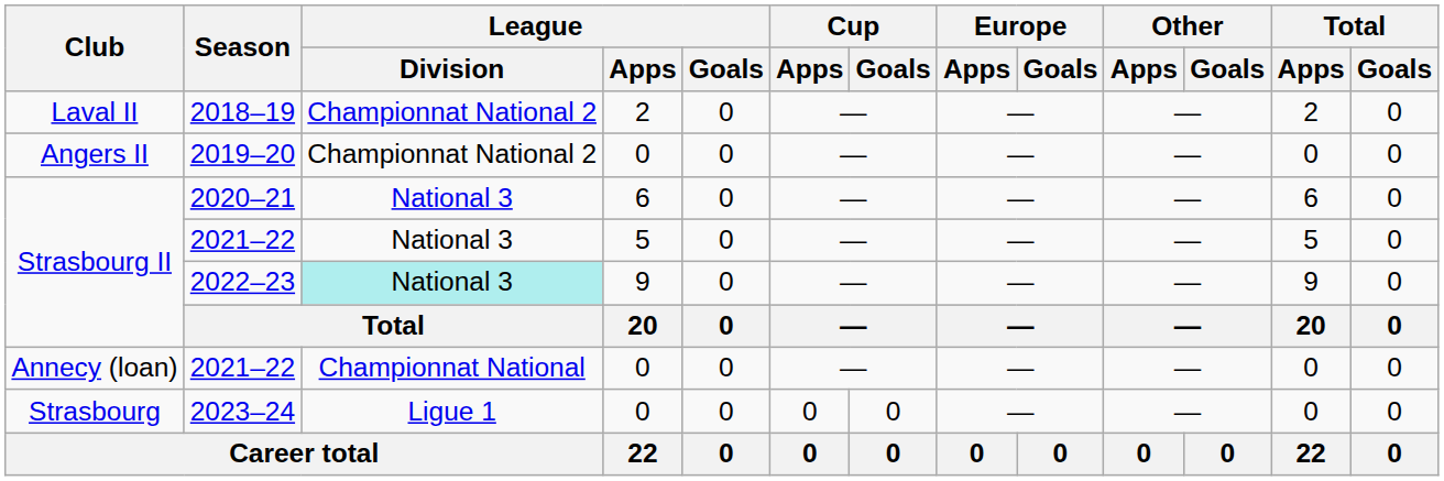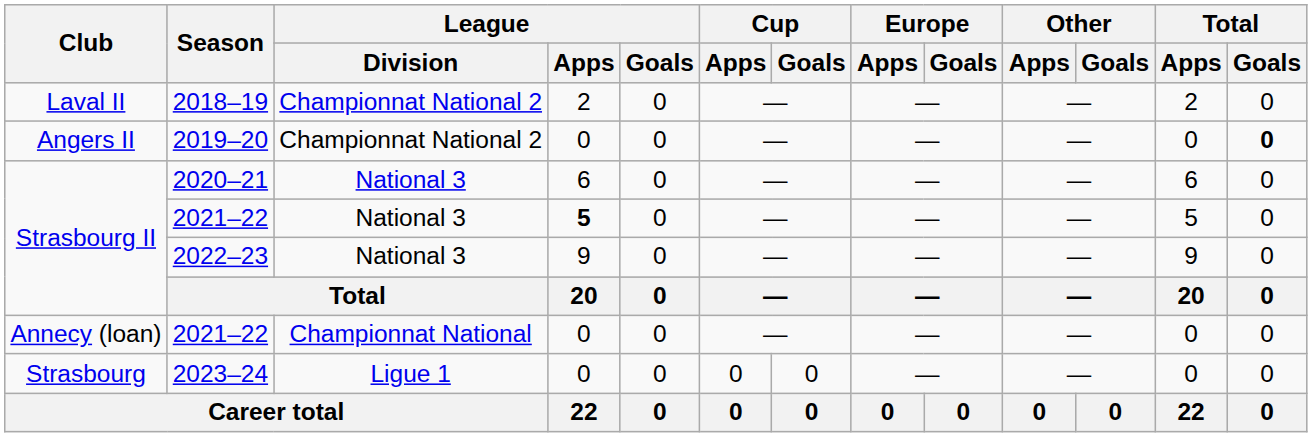 <table class="wikitable" style="text-align: center">
 <tr>
 <th rowspan="2">Club</th>
 <th rowspan="2">Season</th>
 <th colspan="3">League</th>
 <th colspan="2">Cup</th>
 <th colspan="2">Europe</th>
 <th colspan="2">Other</th>
 <th colspan="2">Total</th>
 </tr>
 <tr>
 <th>Division</th>
 <th>Apps</th>
 <th>Goals</th>
 <th>Apps</th>
 <th>Goals</th>
 <th>Apps</th>
 <th>Goals</th>
 <th>Apps</th>
 <th>Goals</th>
 <th>Apps</th>
 <th>Goals</th>
 </tr>
 <tr>
 <td><a href='#'>Laval II</a></td>
 <td><a href='#'>2018–19</a></td>
 <td><a href='#'>Championnat National 2</a></td>
 <td>2</td>
 <td>0</td>
 <td colspan="2">—</td>
 <td colspan="2">—</td>
 <td colspan="2">—</td>
 <td>2</td>
 <td>0</td>
 </tr>
 <tr>
 <td><a href='#'>Angers II</a></td>
 <td><a href='#'>2019–20</a></td>
 <td>Championnat National 2</td>
 <td>0</td>
 <td>0</td>
 <td colspan="2">—</td>
 <td colspan="2">—</td>
 <td colspan="2">—</td>
 <td>0</td>
-<td>0</td>
+<td><strong>0</strong></td>
 </tr>
 <tr>
 <td rowspan="4"><a href='#'>Strasbourg II</a></td>
 <td><a href='#'>2020–21</a></td>
 <td><a href='#'>National 3</a></td>
 <td>6</td>
 <td>0</td>
 <td colspan="2">—</td>
 <td colspan="2">—</td>
 <td colspan="2">—</td>
 <td>6</td>
 <td>0</td>
 </tr>
 <tr>
 <td><a href='#'>2021–22</a></td>
 <td>National 3</td>
-<td>5</td>
+<td><strong>5</strong></td>
 <td>0</td>
 <td colspan="2">—</td>
 <td colspan="2">—</td>
 <td colspan="2">—</td>
 <td>5</td>
 <td>0</td>
 </tr>
 <tr>
 <td><a href='#'>2022–23</a></td>
-<td style="background: paleturquoise;">National 3</td>
+<td>National 3</td>
 <td>9</td>
 <td>0</td>
 <td colspan="2">—</td>
 <td colspan="2">—</td>
 <td colspan="2">—</td>
 <td>9</td>
 <td>0</td>
 </tr>
 <tr>
 <th colspan="2">Total</th>
 <th>20</th>
 <th>0</th>
 <th colspan="2">—</th>
 <th colspan="2">—</th>
 <th colspan="2">—</th>
 <th>20</th>
 <th>0</th>
 </tr>
 <tr>
 <td><a href='#'>Annecy</a> (loan)</td>
 <td><a href='#'>2021–22</a></td>
 <td><a href='#'>Championnat National</a></td>
 <td>0</td>
 <td>0</td>
 <td colspan="2">—</td>
 <td colspan="2">—</td>
 <td colspan="2">—</td>
 <td>0</td>
 <td>0</td>
 </tr>
 <tr>
 <td><a href='#'>Strasbourg</a></td>
 <td><a href='#'>2023–24</a></td>
 <td><a href='#'>Ligue 1</a></td>
 <td>0</td>
 <td>0</td>
 <td>0</td>
 <td>0</td>
 <td colspan="2">—</td>
 <td colspan="2">—</td>
 <td>0</td>
 <td>0</td>
 </tr>
 <tr>
 <th colspan="3">Career total</th>
 <th>22</th>
 <th>0</th>
 <th>0</th>
 <th>0</th>
 <th>0</th>
 <th>0</th>
 <th>0</th>
 <th>0</th>
 <th>22</th>
 <th>0</th>
 </tr>
 </table>
